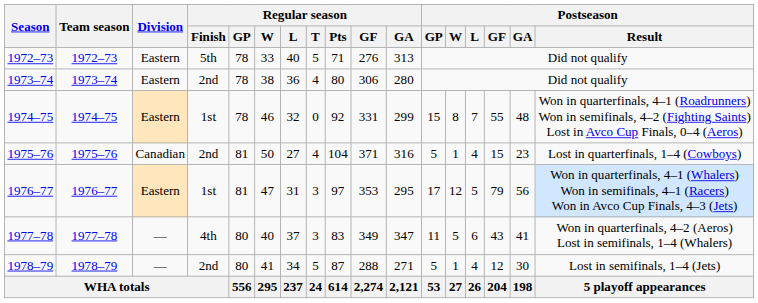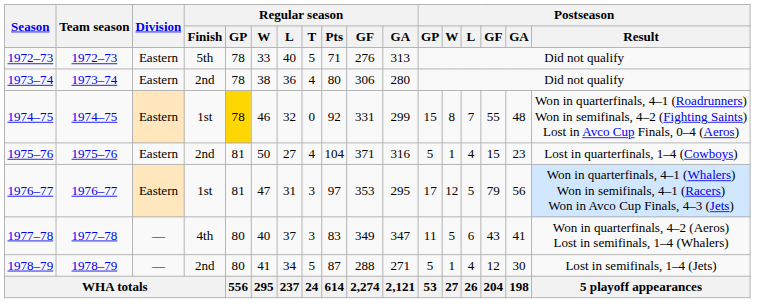 <table class="wikitable" style="text-align:center; font-size:95%">
 <tr>
 <th rowspan="2"><a href='#'>Season</a></th>
 <th rowspan="2">Team season</th>
 <th rowspan="2"><a href='#'>Division</a></th>
 <th colspan="8">Regular season</th>
 <th colspan="6">Postseason</th>
 </tr>
 <tr>
 <th>Finish</th>
 <th>GP</th>
 <th>W</th>
 <th>L</th>
 <th>T</th>
 <th>Pts</th>
 <th>GF</th>
 <th>GA</th>
 <th>GP</th>
 <th>W</th>
 <th>L</th>
 <th>GF</th>
 <th>GA</th>
 <th>Result</th>
 </tr>
 <tr>
 <td><a href='#'>1972–73</a></td>
 <td><a href='#'>1972–73</a></td>
 <td>Eastern</td>
 <td>5th</td>
 <td>78</td>
 <td>33</td>
 <td>40</td>
 <td>5</td>
 <td>71</td>
 <td>276</td>
 <td>313</td>
 <td colspan="6">Did not qualify</td>
 </tr>
 <tr>
 <td><a href='#'>1973–74</a></td>
 <td><a href='#'>1973–74</a></td>
 <td>Eastern</td>
 <td>2nd</td>
 <td>78</td>
 <td>38</td>
 <td>36</td>
 <td>4</td>
 <td>80</td>
 <td>306</td>
 <td>280</td>
 <td colspan="6">Did not qualify</td>
 </tr>
 <tr>
 <td><a href='#'>1974–75</a></td>
 <td><a href='#'>1974–75</a></td>
 <td style="background:#FFE6BD;">Eastern </td>
 <td>1st</td>
-<td>78</td>
+<td style="background: gold;">78</td>
 <td>46</td>
 <td>32</td>
 <td>0</td>
 <td>92</td>
 <td>331</td>
 <td>299</td>
 <td>15</td>
 <td>8</td>
 <td>7</td>
 <td>55</td>
 <td>48</td>
 <td>Won in quarterfinals, 4–1 (<a href='#'>Roadrunners</a>)<br>Won in semifinals, 4–2 (<a href='#'>Fighting Saints</a>)<br>Lost in <a href='#'>Avco Cup</a> Finals, 0–4 (<a href='#'>Aeros</a>)</td>
 </tr>
 <tr>
 <td><a href='#'>1975–76</a></td>
 <td><a href='#'>1975–76</a></td>
-<td>Canadian</td>
+<td>Eastern</td>
 <td>2nd</td>
 <td>81</td>
 <td>50</td>
 <td>27</td>
 <td>4</td>
 <td>104</td>
 <td>371</td>
 <td>316</td>
 <td>5</td>
 <td>1</td>
 <td>4</td>
 <td>15</td>
 <td>23</td>
 <td>Lost in quarterfinals, 1–4 (<a href='#'>Cowboys</a>)</td>
 </tr>
 <tr>
 <td><a href='#'>1976–77</a></td>
 <td><a href='#'>1976–77</a></td>
 <td style="background:#FFE6BD;">Eastern </td>
 <td>1st</td>
 <td>81</td>
 <td>47</td>
 <td>31</td>
 <td>3</td>
 <td>97</td>
 <td>353</td>
 <td>295</td>
 <td>17</td>
 <td>12</td>
 <td>5</td>
 <td>79</td>
 <td>56</td>
 <td style="background:#D0E7FF;">Won in quarterfinals, 4–1 (<a href='#'>Whalers</a>)<br>Won in semifinals, 4–1 (<a href='#'>Racers</a>)<br>Won in Avco Cup Finals, 4–3 (<a href='#'>Jets</a>) </td>
 </tr>
 <tr>
 <td><a href='#'>1977–78</a></td>
 <td><a href='#'>1977–78</a></td>
 <td>—</td>
 <td>4th</td>
 <td>80</td>
 <td>40</td>
 <td>37</td>
 <td>3</td>
 <td>83</td>
 <td>349</td>
 <td>347</td>
 <td>11</td>
 <td>5</td>
 <td>6</td>
 <td>43</td>
 <td>41</td>
 <td>Won in quarterfinals, 4–2 (Aeros)<br>Lost in semifinals, 1–4 (Whalers)</td>
 </tr>
 <tr>
 <td><a href='#'>1978–79</a></td>
 <td><a href='#'>1978–79</a></td>
 <td>—</td>
 <td>2nd</td>
 <td>80</td>
 <td>41</td>
 <td>34</td>
 <td>5</td>
 <td>87</td>
 <td>288</td>
 <td>271</td>
 <td>5</td>
 <td>1</td>
 <td>4</td>
 <td>12</td>
 <td>30</td>
 <td>Lost in semifinals, 1–4 (Jets)</td>
 </tr>
 <tr>
 <th colspan="4">WHA totals</th>
 <th>556</th>
 <th>295</th>
 <th>237</th>
 <th>24</th>
 <th>614</th>
 <th>2,274</th>
 <th>2,121</th>
 <th>53</th>
 <th>27</th>
 <th>26</th>
 <th>204</th>
 <th>198</th>
 <th>5 playoff appearances</th>
 </tr>
 </table>
